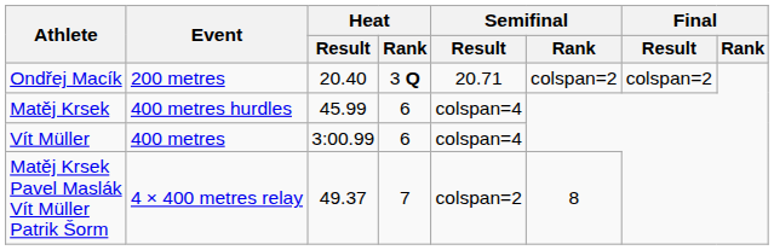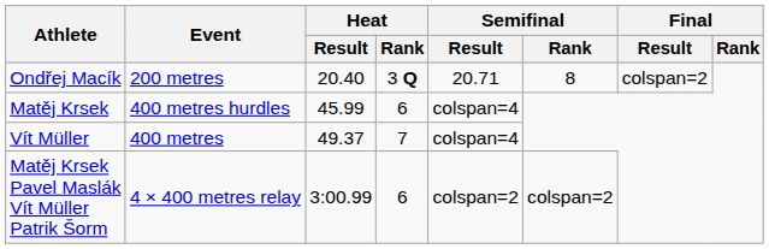 <table class="wikitable" style="font-size:90%">
 <tr>
 <th rowspan="2">Athlete</th>
 <th rowspan="2">Event</th>
 <th colspan="2">Heat</th>
 <th colspan="2">Semifinal</th>
 <th colspan="2">Final</th>
 </tr>
 <tr style="font-size:95%">
 <th>Result</th>
 <th>Rank</th>
 <th>Result</th>
 <th>Rank</th>
 <th>Result</th>
 <th>Rank</th>
 </tr>
 <tr align=center>
 <td align=left><a href='#'>Ondřej Macík</a></td>
 <td align=left><a href='#'>200 metres</a></td>
 <td>20.40</td>
 <td>3 <strong>Q</strong></td>
 <td>20.71</td>
-<td>colspan=2 </td>
+<td>8</td>
 <td>colspan=2 </td>
 </tr>
 <tr align=center>
 <td align=left><a href='#'>Matěj Krsek</a></td>
 <td align=left><a href='#'>400 metres hurdles</a></td>
 <td>45.99</td>
 <td>6</td>
 <td>colspan=4 </td>
 </tr>
 <tr align=center>
 <td align=left><a href='#'>Vít Müller</a></td>
 <td align=left><a href='#'>400 metres</a></td>
-<td>3:00.99</td>
-<td>6 </td>
+<td>49.37</td>
+<td>7</td>
 <td>colspan=4 </td>
 </tr>
 <tr align=center>
 <td align=left><a href='#'>Matěj Krsek</a><br><a href='#'>Pavel Maslák</a><br><a href='#'>Vít Müller</a><br><a href='#'>Patrik Šorm</a></td>
 <td align=left><a href='#'>4 × 400 metres relay</a></td>
-<td>49.37</td>
-<td>7</td>
+<td>3:00.99</td>
+<td>6 </td>
 <td>colspan=2</td>
-<td>8</td>
+<td>colspan=2 </td>
 </tr>
 </table>
